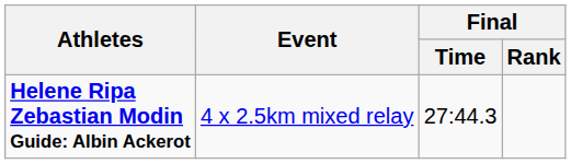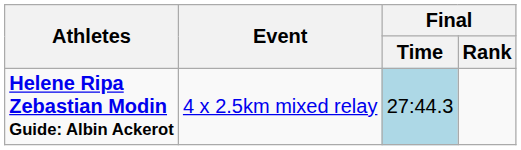 <table class="wikitable" style="font-size:100%">
 <tr>
 <th rowspan="2">Athletes</th>
 <th rowspan="2">Event</th>
 <th colspan="2">Final</th>
 </tr>
 <tr>
 <th>Time</th>
 <th>Rank</th>
 </tr>
 <tr>
 <td><strong><a href='#'>Helene Ripa</a><br><a href='#'>Zebastian Modin</a><br><small>Guide: Albin Ackerot</small></strong></td>
 <td><a href='#'>4 x 2.5km mixed relay</a></td>
-<td align="center">27:44.3</td>
+<td align="center" style="background: lightblue;">27:44.3</td>
 <td align="center"></td>
 </tr>
 </table>
